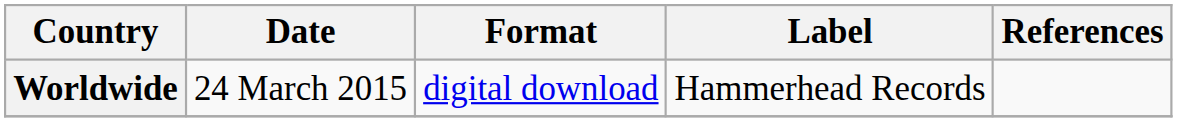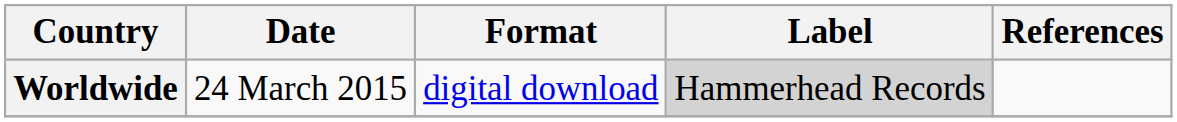 <table class="wikitable plainrowheaders">
 <tr>
 <th scope="col">Country</th>
 <th scope="col">Date</th>
 <th scope="col">Format</th>
 <th scope="col">Label</th>
 <th scope="col">References</th>
 </tr>
 <tr>
 <th scope="row">Worldwide</th>
 <td>24 March 2015</td>
 <td><a href='#'>digital download</a></td>
-<td>Hammerhead Records</td>
+<td style="background: lightgrey;">Hammerhead Records</td>
 <td></td>
 </tr>
 <tr>
 </tr>
 </table>
